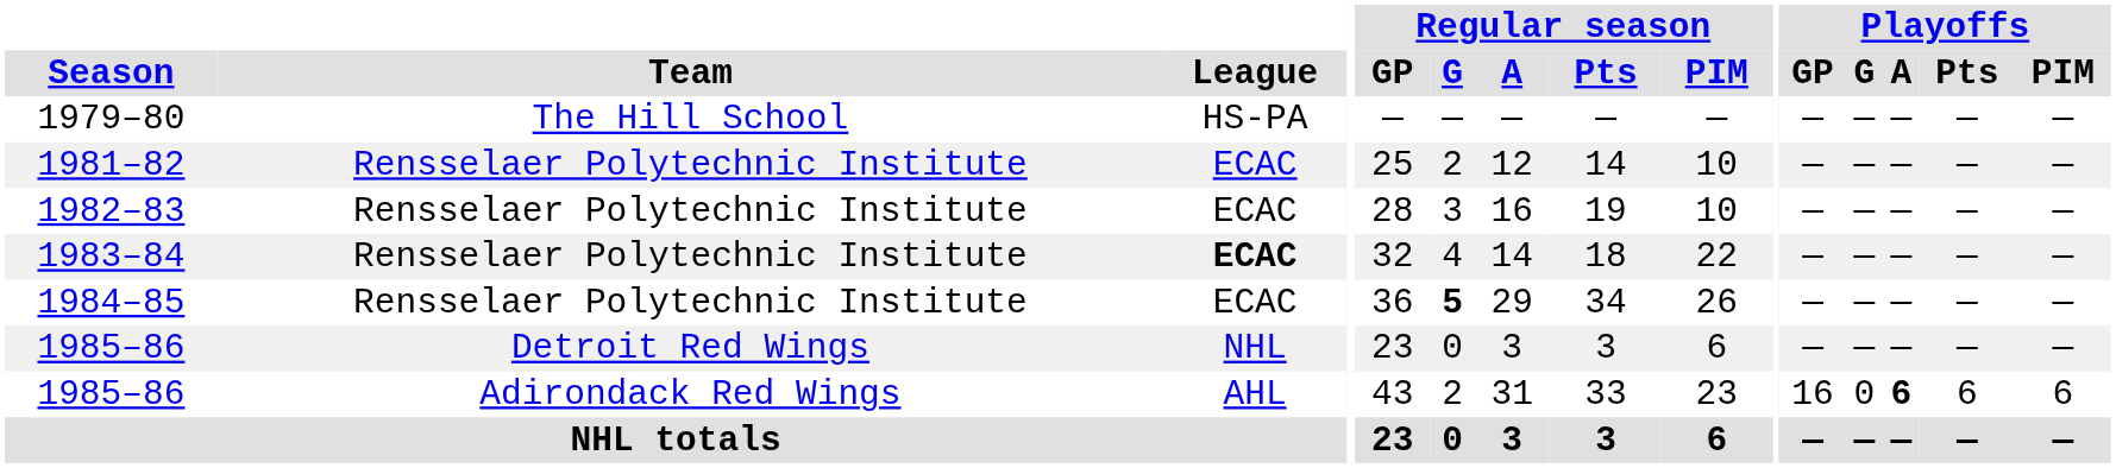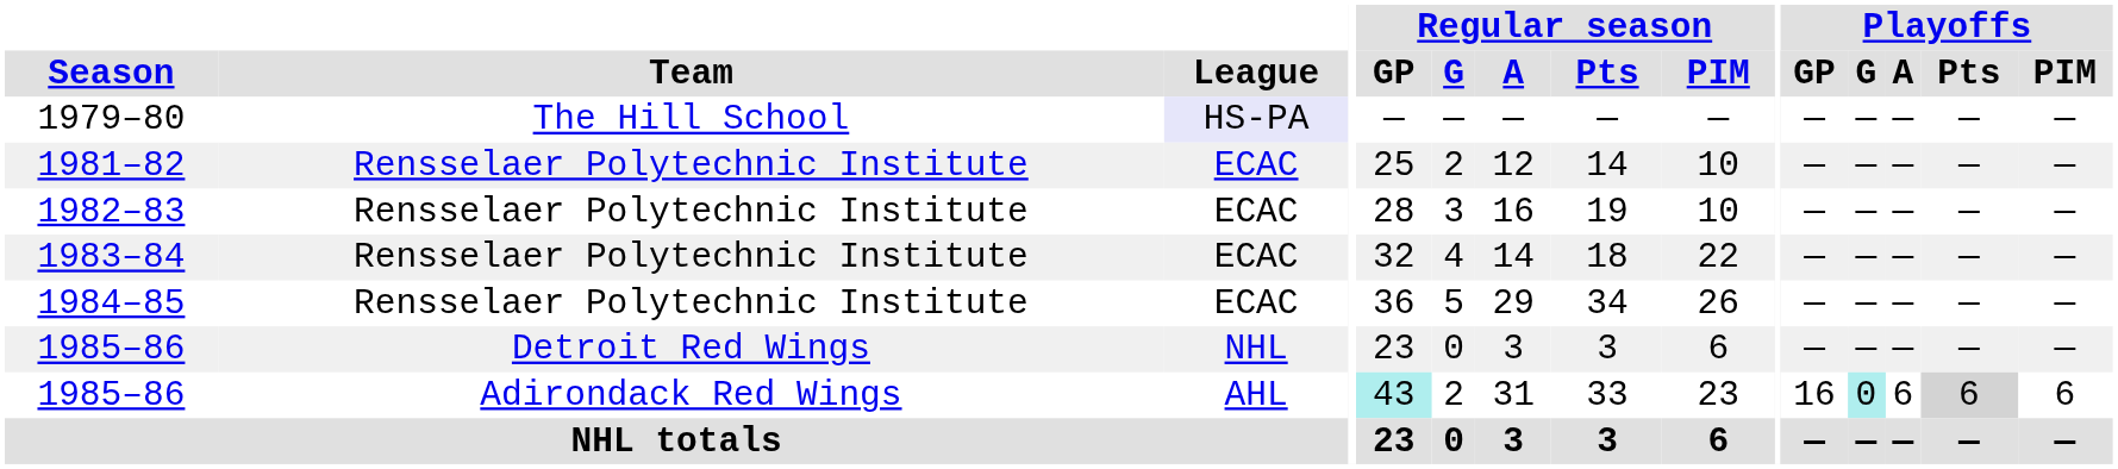 <table border="0" cellpadding="1" cellspacing="0" style="text-align:center; width:60em">
 <tr bgcolor="#e0e0e0">
 <th colspan="3" bgcolor="#ffffff"></th>
 <th rowspan="100" bgcolor="#ffffff"></th>
 <th colspan="5"><a href='#'>Regular season</a></th>
 <th rowspan="100" bgcolor="#ffffff"></th>
 <th colspan="5"><a href='#'>Playoffs</a></th>
 </tr>
 <tr bgcolor="#e0e0e0">
 <th><a href='#'>Season</a></th>
 <th>Team</th>
 <th>League</th>
 <th>GP</th>
 <th><a href='#'>G</a></th>
 <th><a href='#'>A</a></th>
 <th><a href='#'>Pts</a></th>
 <th><a href='#'>PIM</a></th>
 <th>GP</th>
 <th>G</th>
 <th>A</th>
 <th>Pts</th>
 <th>PIM</th>
 </tr>
 <tr>
 <td>1979–80</td>
 <td><a href='#'>The Hill School</a></td>
-<td>HS-PA</td>
+<td style="background: lavender;">HS-PA</td>
 <td>—</td>
 <td>—</td>
 <td>—</td>
 <td>—</td>
 <td>—</td>
 <td>—</td>
 <td>—</td>
 <td>—</td>
 <td>—</td>
 <td>—</td>
 </tr>
 <tr bgcolor="#f0f0f0">
 <td><a href='#'>1981–82</a></td>
 <td><a href='#'>Rensselaer Polytechnic Institute</a></td>
 <td><a href='#'>ECAC</a></td>
 <td>25</td>
 <td>2</td>
 <td>12</td>
 <td>14</td>
 <td>10</td>
 <td>—</td>
 <td>—</td>
 <td>—</td>
 <td>—</td>
 <td>—</td>
 </tr>
 <tr>
 <td><a href='#'>1982–83</a></td>
 <td>Rensselaer Polytechnic Institute</td>
 <td>ECAC</td>
 <td>28</td>
 <td>3</td>
 <td>16</td>
 <td>19</td>
 <td>10</td>
 <td>—</td>
 <td>—</td>
 <td>—</td>
 <td>—</td>
 <td>—</td>
 </tr>
 <tr bgcolor="#f0f0f0">
 <td><a href='#'>1983–84</a></td>
 <td>Rensselaer Polytechnic Institute</td>
-<td><strong>ECAC</strong></td>
+<td>ECAC</td>
 <td>32</td>
 <td>4</td>
 <td>14</td>
 <td>18</td>
 <td>22</td>
 <td>—</td>
 <td>—</td>
 <td>—</td>
 <td>—</td>
 <td>—</td>
 </tr>
 <tr>
 <td><a href='#'>1984–85</a></td>
 <td>Rensselaer Polytechnic Institute</td>
 <td>ECAC</td>
 <td>36</td>
-<td><strong>5</strong></td>
+<td>5</td>
 <td>29</td>
 <td>34</td>
 <td>26</td>
 <td>—</td>
 <td>—</td>
 <td>—</td>
 <td>—</td>
 <td>—</td>
 </tr>
 <tr bgcolor="#f0f0f0">
 <td><a href='#'>1985–86</a></td>
 <td><a href='#'>Detroit Red Wings</a></td>
 <td><a href='#'>NHL</a></td>
 <td>23</td>
 <td>0</td>
 <td>3</td>
 <td>3</td>
 <td>6</td>
 <td>—</td>
 <td>—</td>
 <td>—</td>
 <td>—</td>
 <td>—</td>
 </tr>
 <tr>
 <td><a href='#'>1985–86</a></td>
 <td><a href='#'>Adirondack Red Wings</a></td>
 <td><a href='#'>AHL</a></td>
-<td>43</td>
+<td style="background: paleturquoise;">43</td>
 <td>2</td>
 <td>31</td>
 <td>33</td>
 <td>23</td>
 <td>16</td>
-<td>0</td>
-<td><strong>6</strong></td>
+<td style="background: paleturquoise;">0</td>
 <td>6</td>
+<td style="background: lightgrey;">6</td>
 <td>6</td>
 </tr>
 <tr bgcolor="#e0e0e0">
 <th colspan="3">NHL totals</th>
 <th>23</th>
 <th>0</th>
 <th>3</th>
 <th>3</th>
 <th>6</th>
 <th>—</th>
 <th>—</th>
 <th>—</th>
 <th>—</th>
 <th>—</th>
 </tr>
 </table>
